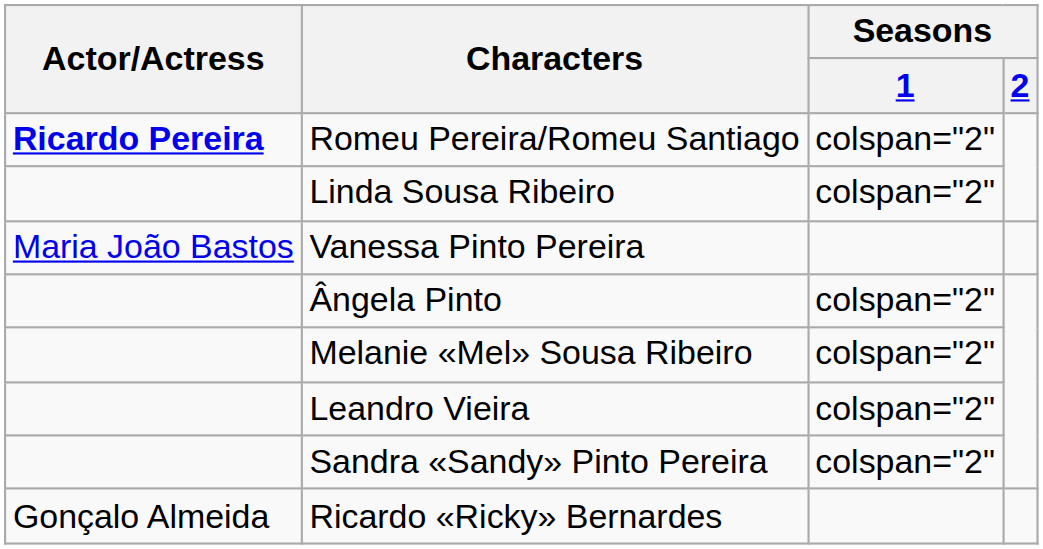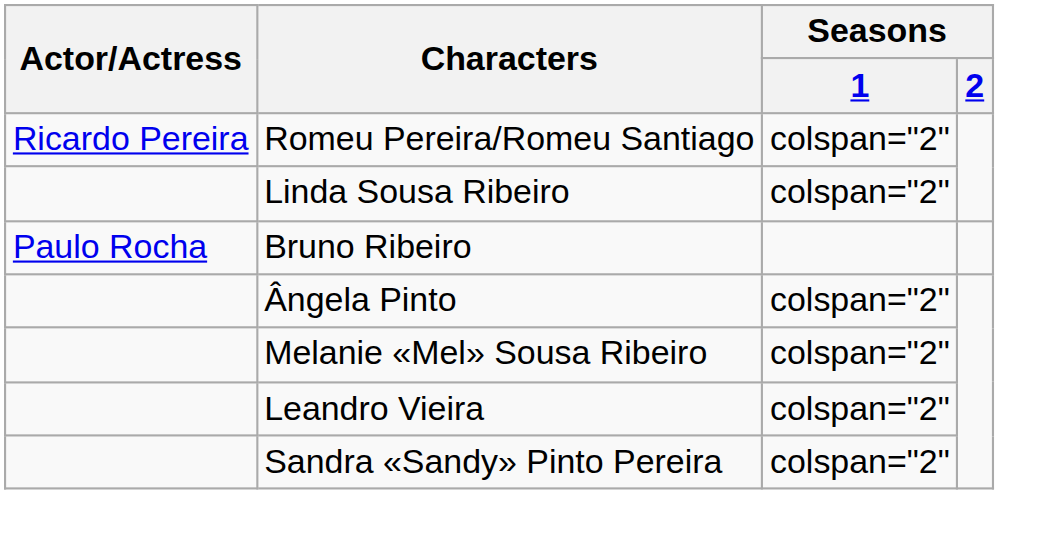 <table class="wikitable">
 <tr>
 <th rowspan="2">Actor/Actress</th>
 <th rowspan="2">Characters</th>
 <th colspan="2">Seasons</th>
 </tr>
 <tr>
 <th><a href='#'>1</a></th>
 <th><a href='#'>2</a></th>
 </tr>
 <tr>
-<td><strong><a href='#'>Ricardo Pereira</a></strong></td>
+<td><a href='#'>Ricardo Pereira</a></td>
 <td>Romeu Pereira/Romeu Santiago</td>
 <td>colspan="2" </td>
 </tr>
 <tr>
 <td></td>
 <td>Linda Sousa Ribeiro</td>
 <td>colspan="2" </td>
 </tr>
 <tr>
-<td><a href='#'>Maria João Bastos</a></td>
-<td>Vanessa Pinto Pereira</td>
+<td><a href='#'>Paulo Rocha</a></td>
+<td>Bruno Ribeiro</td>
 <td></td>
 <td></td>
 </tr>
 <tr>
 <td></td>
 <td>Ângela Pinto</td>
 <td>colspan="2" </td>
 </tr>
 <tr>
 <td></td>
 <td>Melanie «Mel» Sousa Ribeiro</td>
 <td>colspan="2" </td>
 </tr>
 <tr>
 <td></td>
 <td>Leandro Vieira</td>
 <td>colspan="2" </td>
 </tr>
 <tr>
 <td></td>
 <td>Sandra «Sandy» Pinto Pereira</td>
 <td>colspan="2" </td>
 </tr>
-<tr>
-<td>Gonçalo Almeida</td>
-<td>Ricardo «Ricky» Bernardes</td>
-<td></td>
-<td></td>
-</tr>
 </table>
